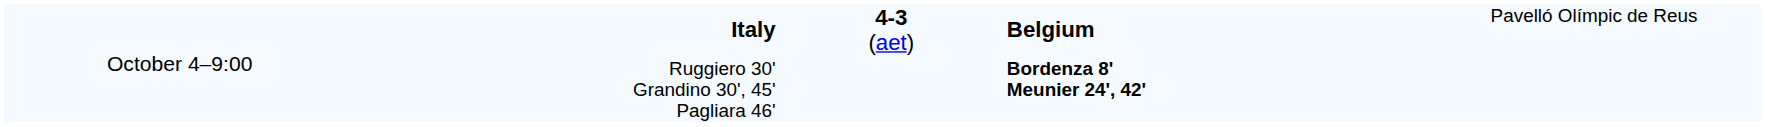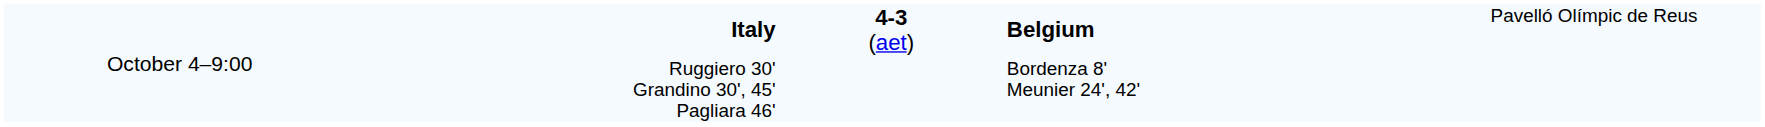 <table style="width: 100%; background:#F5FAFF;" cellspacing="0">
 <tr>
 <td style=font-size:95% align=center rowspan=3 width=20%>October 4–9:00</td>
 </tr>
 <tr>
 <td width=24% align=right><strong>Italy</strong></td>
 <td align=center width=13%><strong>4-3</strong><br>(<a href='#'>aet</a>)</td>
 <td width=24%><strong>Belgium</strong></td>
 <td style=font-size:85% rowspan=3 valign=top align=center>Pavelló Olímpic de Reus</td>
 </tr>
 <tr style=font-size:85%>
 <td align=right valign=top>Ruggiero 30'<br>Grandino 30', 45'<br>Pagliara 46'</td>
 <td></td>
-<td valign=top><strong>Bordenza 8'<br>Meunier 24', 42'</strong></td>
+<td valign=top>Bordenza 8'<br>Meunier 24', 42'</td>
 </tr>
 </table>
